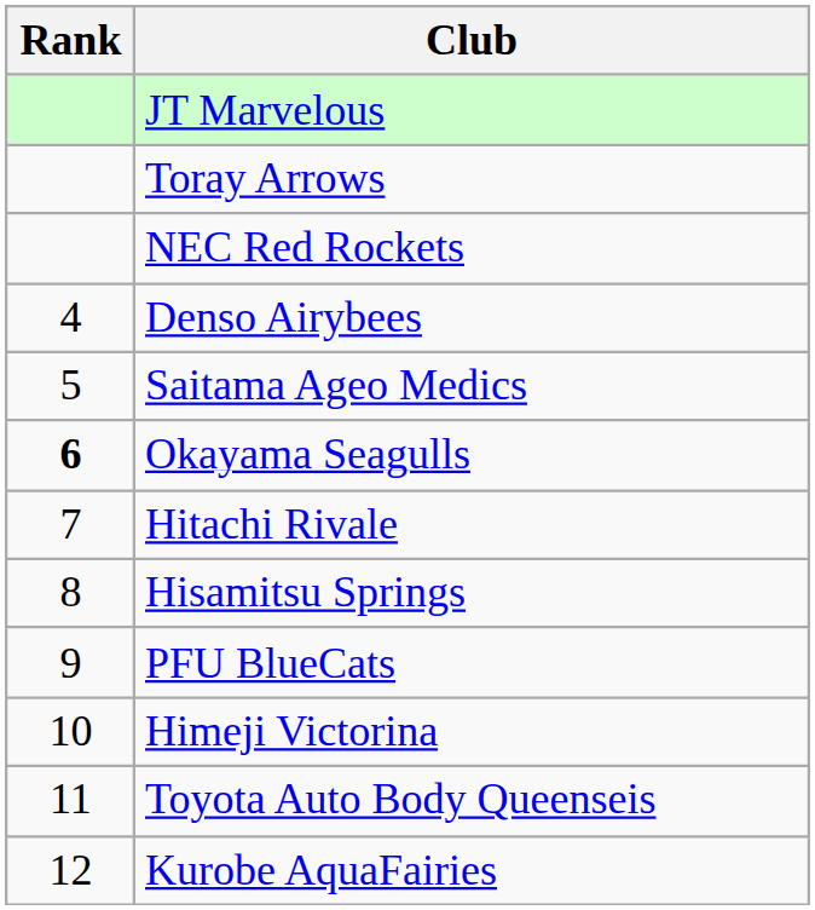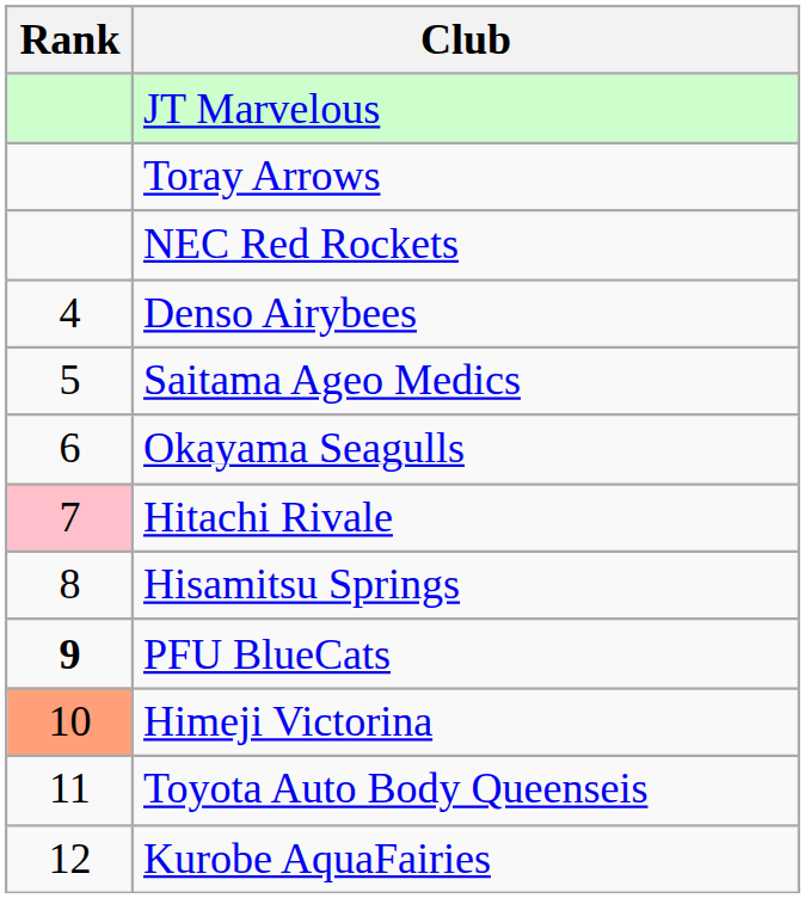 <table class="wikitable" style="text-align: center;">
 <tr>
 <th width=40>Rank</th>
 <th width=240>Club</th>
 </tr>
 <tr align=center bgcolor=#ccffcc>
 <td></td>
 <td style="text-align:left;"><a href='#'>JT Marvelous</a></td>
 </tr>
 <tr align=center>
 <td></td>
 <td style="text-align:left;"><a href='#'>Toray Arrows</a></td>
 </tr>
 <tr align=center>
 <td></td>
 <td style="text-align:left;"><a href='#'>NEC Red Rockets</a></td>
 </tr>
 <tr align=center>
 <td>4</td>
 <td style="text-align:left;"><a href='#'>Denso Airybees</a></td>
 </tr>
 <tr align=center>
 <td>5</td>
 <td style="text-align:left;"><a href='#'>Saitama Ageo Medics</a></td>
 </tr>
 <tr align=center>
-<td><strong>6</strong></td>
+<td>6</td>
 <td style="text-align:left;"><a href='#'>Okayama Seagulls</a></td>
 </tr>
 <tr align=center>
-<td>7</td>
+<td style="background: pink;">7</td>
 <td style="text-align:left;"><a href='#'>Hitachi Rivale</a></td>
 </tr>
 <tr align=center>
 <td>8</td>
 <td style="text-align:left;"><a href='#'>Hisamitsu Springs</a></td>
 </tr>
 <tr align=center>
-<td>9</td>
+<td><strong>9</strong></td>
 <td style="text-align:left;"><a href='#'>PFU BlueCats</a></td>
 </tr>
 <tr align=center>
-<td>10</td>
+<td style="background: lightsalmon;">10</td>
 <td style="text-align:left;"><a href='#'>Himeji Victorina</a></td>
 </tr>
 <tr align=center>
 <td>11</td>
 <td style="text-align:left;"><a href='#'>Toyota Auto Body Queenseis</a></td>
 </tr>
 <tr align=center>
 <td>12</td>
 <td style="text-align:left;"><a href='#'>Kurobe AquaFairies</a></td>
 </tr>
 </table>
